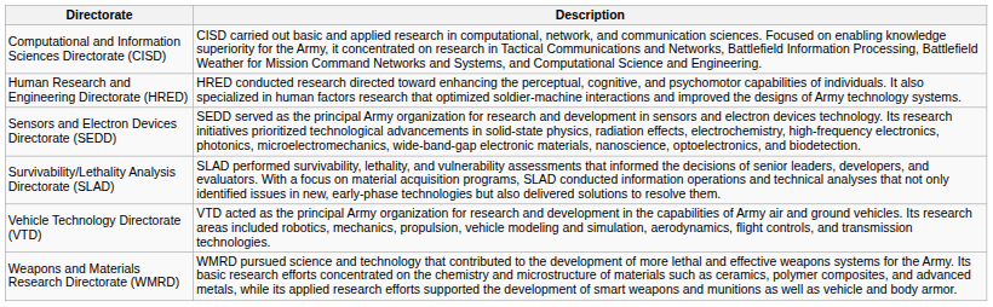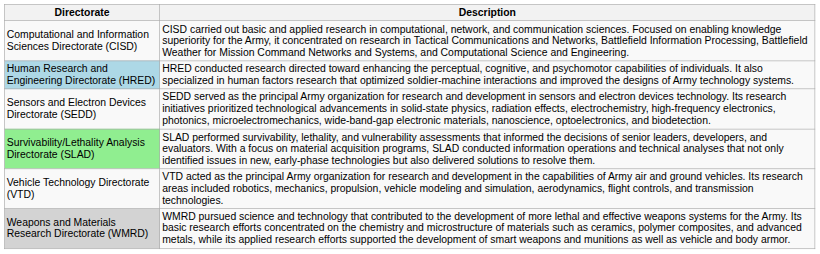 <table class="wikitable">
 <tr>
 <th>Directorate</th>
 <th>Description</th>
 </tr>
 <tr>
 <td>Computational and Information Sciences Directorate (CISD)</td>
 <td>CISD carried out basic and applied research in computational, network, and communication sciences. Focused on enabling knowledge superiority for the Army, it concentrated on research in Tactical Communications and Networks, Battlefield Information Processing, Battlefield Weather for Mission Command Networks and Systems, and Computational Science and Engineering.</td>
 </tr>
 <tr>
-<td>Human Research and Engineering Directorate (HRED)</td>
+<td style="background: lightblue;">Human Research and Engineering Directorate (HRED)</td>
 <td>HRED conducted research directed toward enhancing the perceptual, cognitive, and psychomotor capabilities of individuals. It also specialized in human factors research that optimized soldier-machine interactions and improved the designs of Army technology systems.</td>
 </tr>
 <tr>
 <td>Sensors and Electron Devices Directorate (SEDD)</td>
 <td>SEDD served as the principal Army organization for research and development in sensors and electron devices technology. Its research initiatives prioritized technological advancements in solid-state physics, radiation effects, electrochemistry, high-frequency electronics, photonics, microelectromechanics, wide-band-gap electronic materials, nanoscience, optoelectronics, and biodetection.</td>
 </tr>
 <tr>
-<td>Survivability/Lethality Analysis Directorate (SLAD)</td>
+<td style="background: lightgreen;">Survivability/Lethality Analysis Directorate (SLAD)</td>
 <td>SLAD performed survivability, lethality, and vulnerability assessments that informed the decisions of senior leaders, developers, and evaluators. With a focus on material acquisition programs, SLAD conducted information operations and technical analyses that not only identified issues in new, early-phase technologies but also delivered solutions to resolve them.</td>
 </tr>
 <tr>
 <td>Vehicle Technology Directorate (VTD)</td>
 <td>VTD acted as the principal Army organization for research and development in the capabilities of Army air and ground vehicles. Its research areas included robotics, mechanics, propulsion, vehicle modeling and simulation, aerodynamics, flight controls, and transmission technologies.</td>
 </tr>
 <tr>
-<td>Weapons and Materials Research Directorate (WMRD)</td>
+<td style="background: lightgrey;">Weapons and Materials Research Directorate (WMRD)</td>
 <td>WMRD pursued science and technology that contributed to the development of more lethal and effective weapons systems for the Army. Its basic research efforts concentrated on the chemistry and microstructure of materials such as ceramics, polymer composites, and advanced metals, while its applied research efforts supported the development of smart weapons and munitions as well as vehicle and body armor.</td>
 </tr>
 </table>
